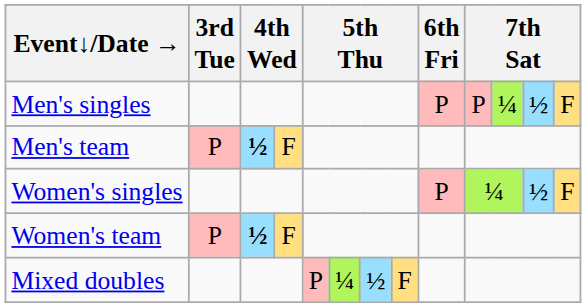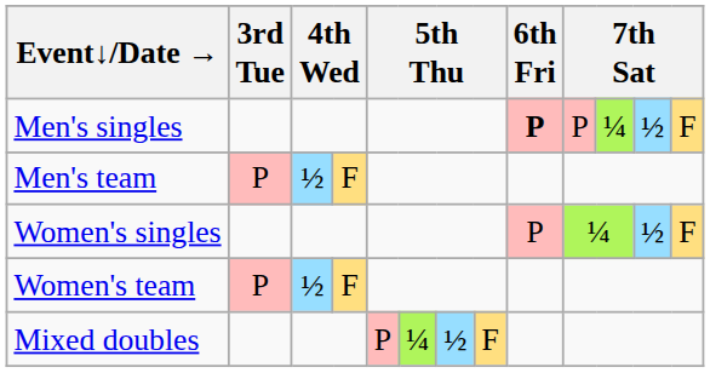 <table class="wikitable" style="margin:0.5em auto; font-size:90%; line-height:1.25em; text-align:center;">
 <tr>
 <th>Event↓/Date →</th>
 <th>3rd<br>Tue</th>
 <th colspan=2>4th<br>Wed</th>
 <th colspan=4>5th<br>Thu</th>
 <th>6th<br>Fri</th>
 <th colspan=4>7th<br>Sat</th>
 </tr>
 <tr>
 <td align="left"><a href='#'>Men's singles</a></td>
 <td></td>
 <td colspan=2></td>
 <td colspan=4></td>
-<td bgcolor="#FFBBBB">P</td>
+<td bgcolor="#FFBBBB"><strong>P</strong></td>
 <td bgcolor="#FFBBBB">P</td>
 <td bgcolor="#AFF55B">¼</td>
 <td bgcolor="#97DEFF">½</td>
 <td bgcolor="#FFDF80">F</td>
 </tr>
 <tr>
 <td align="left"><a href='#'>Men's team</a></td>
 <td bgcolor="#FFBBBB">P</td>
-<td bgcolor="#97DEFF"><strong>½</strong></td>
+<td bgcolor="#97DEFF">½</td>
 <td bgcolor="#FFDF80">F</td>
 <td colspan=4></td>
 <td></td>
 <td colspan=4></td>
 </tr>
 <tr>
 <td align="left"><a href='#'>Women's singles</a></td>
 <td></td>
 <td colspan=2></td>
 <td colspan=4></td>
 <td bgcolor="#FFBBBB">P</td>
 <td colspan=2 bgcolor="#AFF55B">¼</td>
 <td bgcolor="#97DEFF">½</td>
 <td bgcolor="#FFDF80">F</td>
 </tr>
 <tr>
 <td align="left"><a href='#'>Women's team</a></td>
 <td bgcolor="#FFBBBB">P</td>
-<td bgcolor="#97DEFF"><strong>½</strong></td>
+<td bgcolor="#97DEFF">½</td>
 <td bgcolor="#FFDF80">F</td>
 <td colspan=4></td>
 <td></td>
 <td colspan=4></td>
 </tr>
 <tr>
 <td align="left"><a href='#'>Mixed doubles</a></td>
 <td></td>
 <td colspan=2></td>
 <td bgcolor="#FFBBBB">P</td>
 <td bgcolor="#AFF55B">¼</td>
 <td bgcolor="#97DEFF">½</td>
 <td bgcolor="#FFDF80">F</td>
 <td></td>
 <td colspan=4></td>
 </tr>
 </table>
